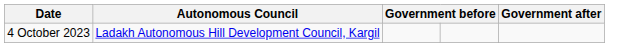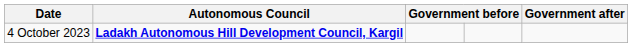 <table class="wikitable sortable">
 <tr>
 <th>Date</th>
 <th>Autonomous Council</th>
 <th colspan=2>Government before</th>
 <th colspan=2>Government after</th>
 </tr>
 <tr>
 <td>4 October 2023</td>
-<td><a href='#'>Ladakh Autonomous Hill Development Council, Kargil</a></td>
+<td><strong><a href='#'>Ladakh Autonomous Hill Development Council, Kargil</a></strong></td>
 <td></td>
 <td></td>
 </tr>
 </table>
